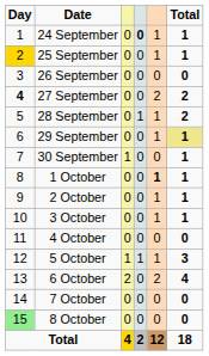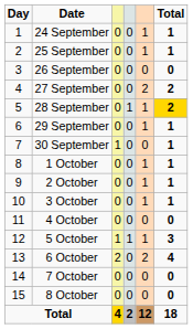 <table class=wikitable style="font-size:100%; text-align:center">
 <tr>
 <td><strong>Day</strong></td>
 <td><strong>Date</strong></td>
 <td bgcolor=F7F6A8></td>
 <td bgcolor=DCE5E5></td>
 <td bgcolor=FFDAB9></td>
 <td><strong>Total</strong></td>
 </tr>
 <tr>
 <td>1</td>
 <td>24 September</td>
 <td bgcolor=F7F6A8>0</td>
-<td bgcolor=DCE5E5><strong>0</strong></td>
+<td bgcolor=DCE5E5>0</td>
 <td bgcolor=FFDAB9>1</td>
 <td><strong>1</strong></td>
 </tr>
 <tr>
-<td style="background: gold;">2</td>
+<td>2</td>
 <td>25 September</td>
 <td bgcolor=F7F6A8>0</td>
 <td bgcolor=DCE5E5>0</td>
 <td bgcolor=FFDAB9>1</td>
 <td><strong>1</strong></td>
 </tr>
 <tr>
 <td>3</td>
 <td>26 September</td>
 <td bgcolor=F7F6A8>0</td>
 <td bgcolor=DCE5E5>0</td>
 <td bgcolor=FFDAB9>0</td>
 <td><strong>0</strong></td>
 </tr>
 <tr>
-<td><strong>4</strong></td>
+<td>4</td>
 <td>27 September</td>
 <td bgcolor=F7F6A8>0</td>
 <td bgcolor=DCE5E5>0</td>
 <td bgcolor=FFDAB9>2</td>
 <td><strong>2</strong></td>
 </tr>
 <tr>
 <td>5</td>
 <td>28 September</td>
 <td bgcolor=F7F6A8>0</td>
 <td bgcolor=DCE5E5>1</td>
 <td bgcolor=FFDAB9>1</td>
-<td><strong>2</strong></td>
+<td style="background: gold;"><strong>2</strong></td>
 </tr>
 <tr>
 <td>6</td>
 <td>29 September</td>
 <td bgcolor=F7F6A8>0</td>
 <td bgcolor=DCE5E5>0</td>
 <td bgcolor=FFDAB9>1</td>
-<td style="background: khaki;"><strong>1</strong></td>
+<td><strong>1</strong></td>
 </tr>
 <tr>
 <td>7</td>
 <td>30 September</td>
 <td bgcolor=F7F6A8>1</td>
 <td bgcolor=DCE5E5>0</td>
 <td bgcolor=FFDAB9>0</td>
 <td><strong>1</strong></td>
 </tr>
 <tr>
 <td>8</td>
 <td>1 October</td>
 <td bgcolor=F7F6A8>0</td>
 <td bgcolor=DCE5E5>0</td>
-<td bgcolor=FFDAB9><strong>1</strong></td>
+<td bgcolor=FFDAB9>1</td>
 <td><strong>1</strong></td>
 </tr>
 <tr>
 <td>9</td>
 <td>2 October</td>
 <td bgcolor=F7F6A8>0</td>
 <td bgcolor=DCE5E5>0</td>
 <td bgcolor=FFDAB9>1</td>
 <td><strong>1</strong></td>
 </tr>
 <tr>
 <td>10</td>
 <td>3 October</td>
 <td bgcolor=F7F6A8>0</td>
 <td bgcolor=DCE5E5>0</td>
 <td bgcolor=FFDAB9>1</td>
 <td><strong>1</strong></td>
 </tr>
 <tr>
 <td>11</td>
 <td>4 October</td>
 <td bgcolor=F7F6A8>0</td>
 <td bgcolor=DCE5E5>0</td>
 <td bgcolor=FFDAB9>0</td>
 <td><strong>0</strong></td>
 </tr>
 <tr>
 <td>12</td>
 <td>5 October</td>
 <td bgcolor=F7F6A8>1</td>
 <td bgcolor=DCE5E5>1</td>
 <td bgcolor=FFDAB9>1</td>
 <td><strong>3</strong></td>
 </tr>
 <tr>
 <td>13</td>
 <td>6 October</td>
 <td bgcolor=F7F6A8>2</td>
 <td bgcolor=DCE5E5>0</td>
 <td bgcolor=FFDAB9>2</td>
 <td><strong>4</strong></td>
 </tr>
 <tr>
 <td>14</td>
 <td>7 October</td>
 <td bgcolor=F7F6A8>0</td>
 <td bgcolor=DCE5E5>0</td>
 <td bgcolor=FFDAB9>0</td>
 <td><strong>0</strong></td>
 </tr>
 <tr>
-<td style="background: lightgreen;">15</td>
+<td>15</td>
 <td>8 October</td>
 <td bgcolor=F7F6A8>0</td>
 <td bgcolor=DCE5E5>0</td>
 <td bgcolor=FFDAB9>0</td>
 <td><strong>0</strong></td>
 </tr>
 <tr>
 <td colspan=2><strong>Total</strong></td>
 <td style="background:gold;"><strong>4</strong></td>
 <td style="background:silver;"><strong>2</strong></td>
 <td style="background:#c96;"><strong>12</strong></td>
 <td><strong>18</strong></td>
 </tr>
 </table>
